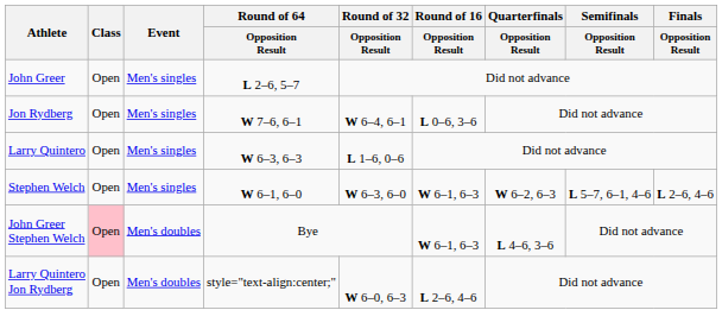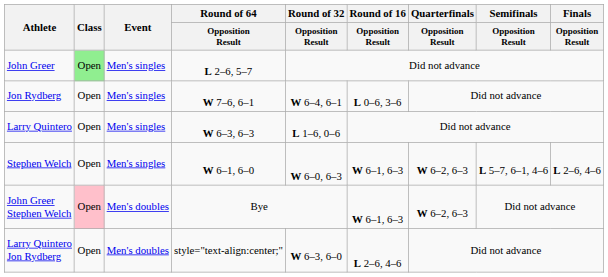 <table class=wikitable style="font-size:90%">
 <tr>
 <th rowspan="2">Athlete</th>
 <th rowspan="2">Class</th>
 <th rowspan="2">Event</th>
 <th>Round of 64</th>
 <th>Round of 32</th>
 <th>Round of 16</th>
 <th>Quarterfinals</th>
 <th>Semifinals</th>
 <th>Finals</th>
 </tr>
 <tr>
 <th style="line-height:1em"><small>Opposition<br>Result</small></th>
 <th style="line-height:1em"><small>Opposition<br>Result</small></th>
 <th style="line-height:1em"><small>Opposition<br>Result</small></th>
 <th style="line-height:1em"><small>Opposition<br>Result</small></th>
 <th style="line-height:1em"><small>Opposition<br>Result</small></th>
 <th style="line-height:1em"><small>Opposition<br>Result</small></th>
 </tr>
 <tr>
 <td><a href='#'>John Greer</a></td>
-<td style="text-align:center;">Open</td>
+<td style="background: lightgreen; text-align:center;">Open</td>
 <td><a href='#'>Men's singles</a></td>
 <td style="text-align:center;"><br><strong>L</strong> 2–6, 5–7</td>
 <td style="text-align:center;" colspan="6">Did not advance</td>
 </tr>
 <tr>
 <td><a href='#'>Jon Rydberg</a></td>
 <td style="text-align:center;">Open</td>
 <td><a href='#'>Men's singles</a></td>
 <td style="text-align:center;"><br><strong>W</strong> 7–6, 6–1</td>
 <td style="text-align:center;"><br><strong>W</strong> 6–4, 6–1</td>
 <td style="text-align:center;"><br><strong>L</strong> 0–6, 3–6</td>
 <td style="text-align:center;" colspan="3">Did not advance</td>
 </tr>
 <tr>
 <td><a href='#'>Larry Quintero</a></td>
 <td style="text-align:center;">Open</td>
 <td><a href='#'>Men's singles</a></td>
 <td style="text-align:center;"><br><strong>W</strong> 6–3, 6–3</td>
 <td style="text-align:center;"><br><strong>L</strong> 1–6, 0–6</td>
 <td style="text-align:center;" colspan="5">Did not advance</td>
 </tr>
 <tr>
 <td><a href='#'>Stephen Welch</a></td>
 <td style="text-align:center;">Open</td>
 <td><a href='#'>Men's singles</a></td>
 <td style="text-align:center;"><br><strong>W</strong> 6–1, 6–0</td>
-<td style="text-align:center;"><br><strong>W</strong> 6–3, 6–0</td>
+<td style="text-align:center;"><br> <br><strong>W</strong> 6–0, 6–3</td>
 <td style="text-align:center;"><br><strong>W</strong> 6–1, 6–3</td>
 <td style="text-align:center;"><br><strong>W</strong> 6–2, 6–3</td>
 <td style="text-align:center;"><br><strong>L</strong> 5–7, 6–1, 4–6</td>
 <td style="text-align:center;"><br><strong>L</strong> 2–6, 4–6</td>
 </tr>
 <tr>
 <td><a href='#'>John Greer</a><br> <a href='#'>Stephen Welch</a></td>
 <td style="background: pink; text-align:center;">Open</td>
 <td><a href='#'>Men's doubles</a></td>
 <td style="text-align:center;" colspan="2">Bye</td>
 <td style="text-align:center;"><br> <br><strong>W</strong> 6–1, 6–3</td>
-<td style="text-align:center;"><br> <br><strong>L</strong> 4–6, 3–6</td>
+<td style="text-align:center;"><br><strong>W</strong> 6–2, 6–3</td>
 <td style="text-align:center;" colspan="3">Did not advance</td>
 </tr>
 <tr>
 <td><a href='#'>Larry Quintero</a><br> <a href='#'>Jon Rydberg</a></td>
 <td style="text-align:center;">Open</td>
 <td><a href='#'>Men's doubles</a></td>
 <td>style="text-align:center;" </td>
-<td style="text-align:center;"><br> <br><strong>W</strong> 6–0, 6–3</td>
+<td style="text-align:center;"><br><strong>W</strong> 6–3, 6–0</td>
 <td style="text-align:center;"><br> <br><strong>L</strong> 2–6, 4–6</td>
 <td style="text-align:center;" colspan="3">Did not advance</td>
 </tr>
 </table>
